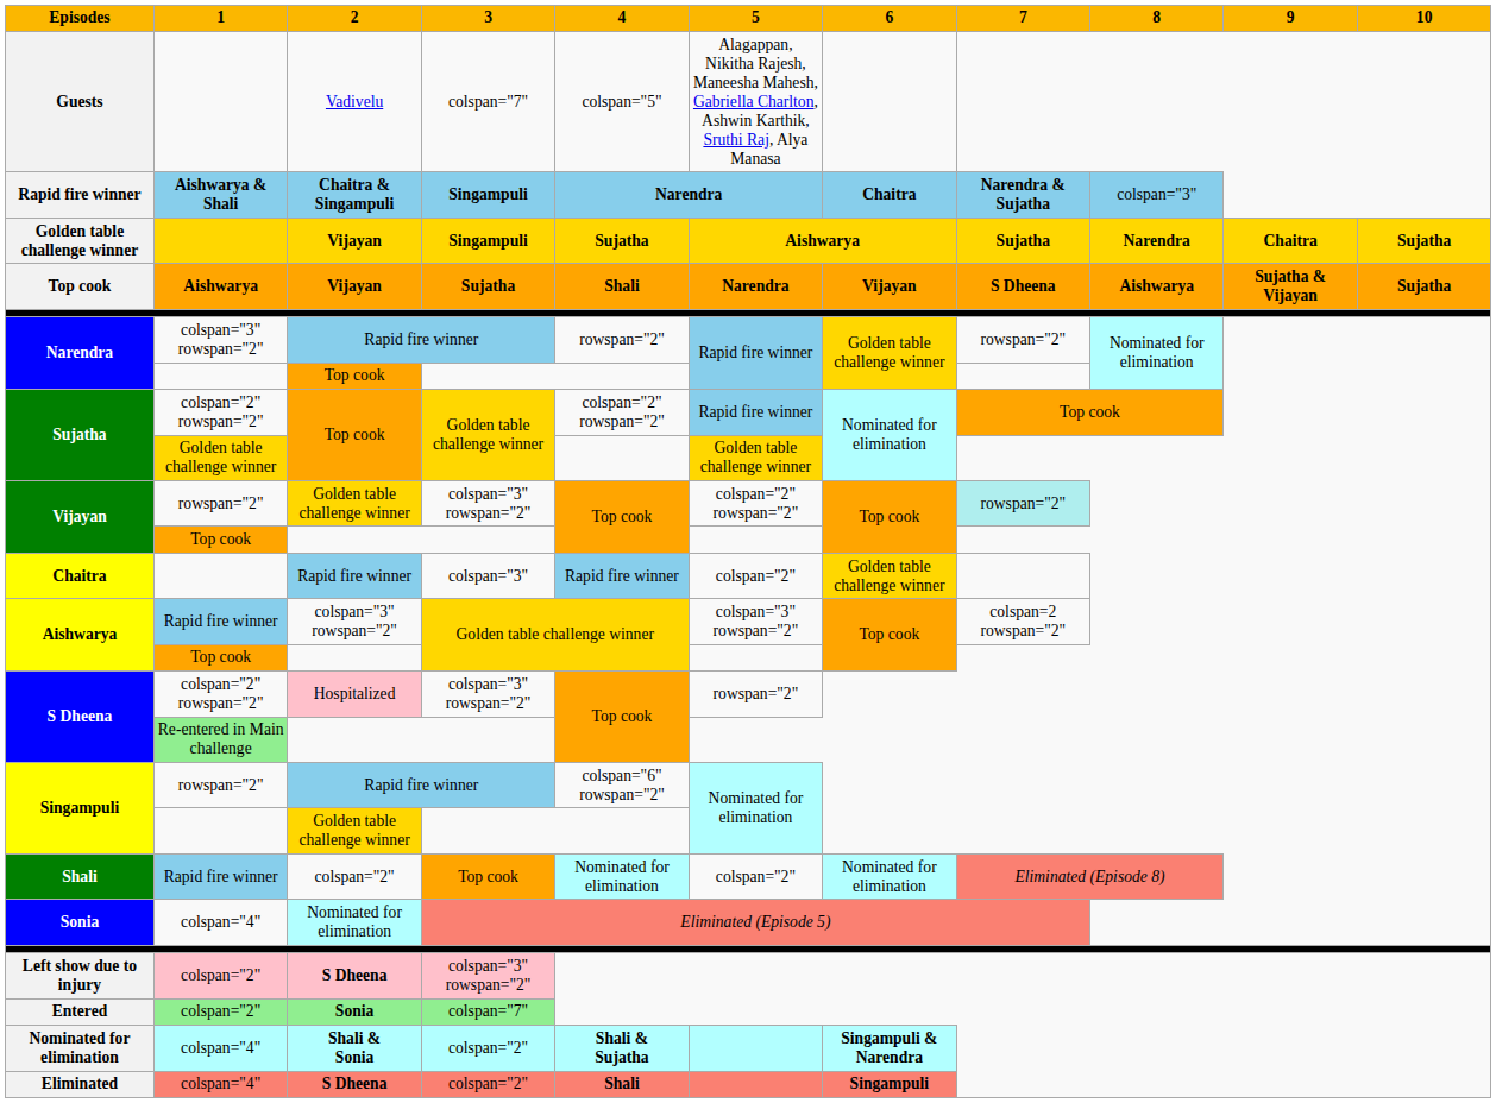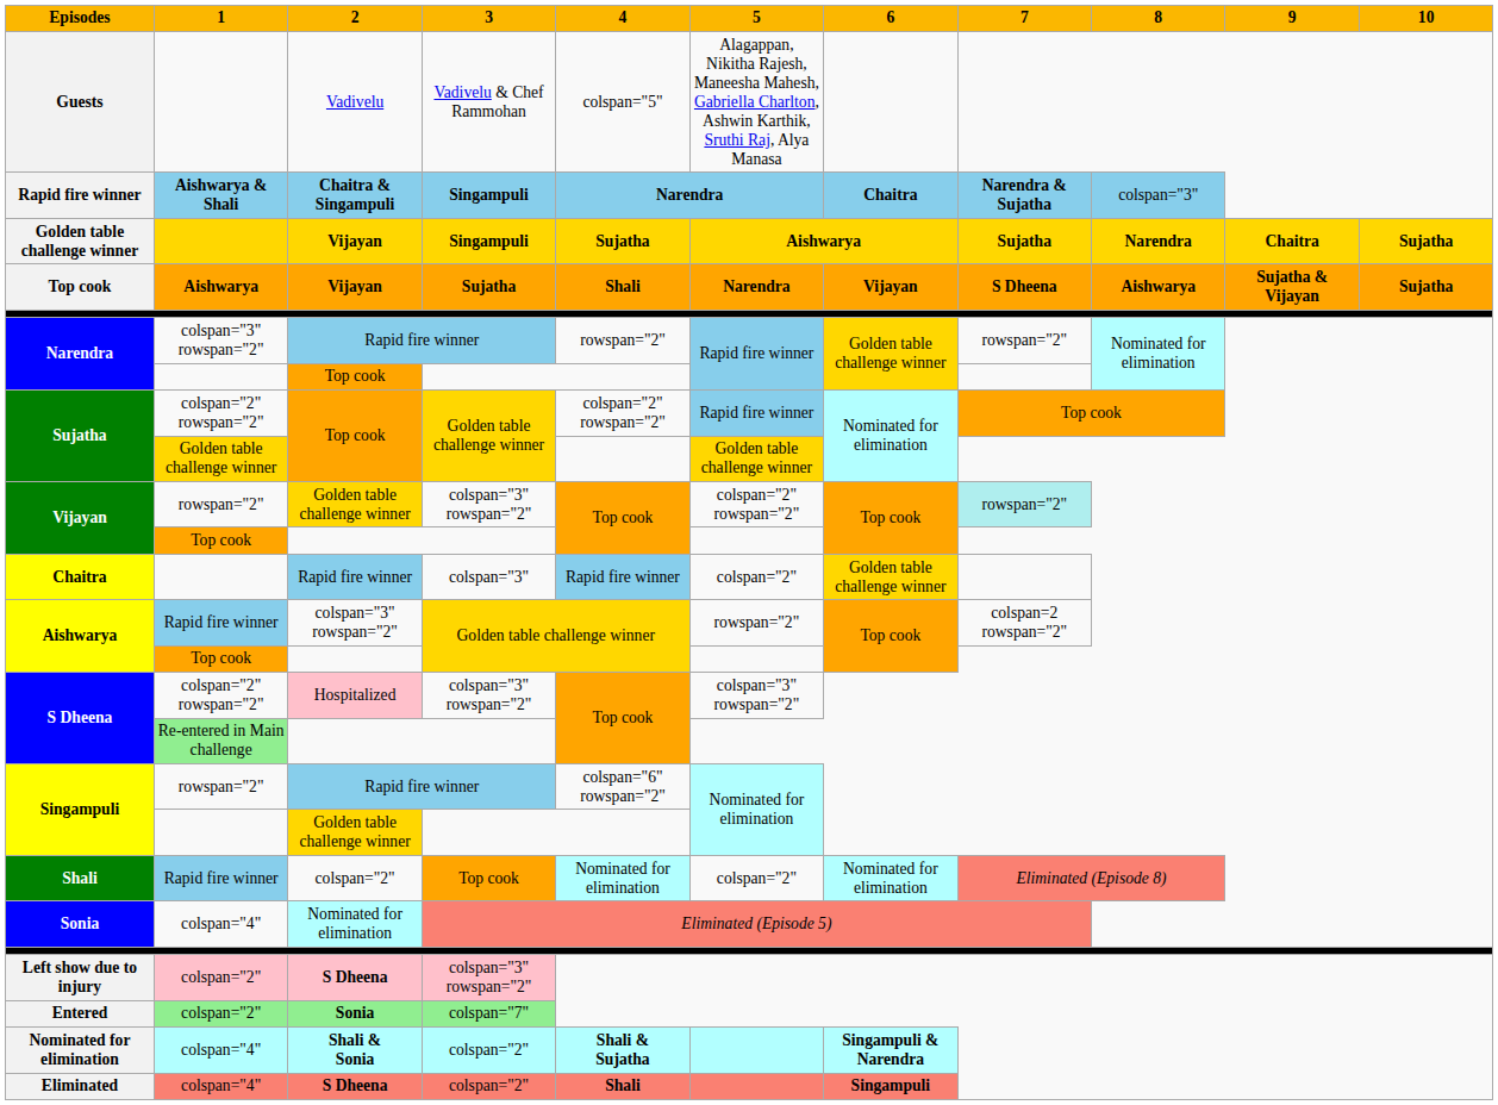 <table class="wikitable" style="text-align:center;font-size:85%;">
 <tr>
 <th scope="col" style="background:#FBB700" width=10%>Episodes</th>
 <th scope="col" style="background:#FBB700" width=9%>1</th>
 <th scope="col" style="background:#FBB700" width=9%>2</th>
 <th scope="col" style="background:#FBB700" width=9%>3</th>
 <th scope="col" style="background:#FBB700" width=9%>4</th>
 <th scope="col" style="background:#FBB700" width=9%>5</th>
 <th scope="col" style="background:#FBB700" width=9%>6</th>
 <th scope="col" style="background:#FBB700" width=9%>7</th>
 <th scope="col" style="background:#FBB700" width=9%>8</th>
 <th scope="col" style="background:#FBB700" width=9%>9</th>
 <th scope="col" style="background:#FBB700" width=9%>10</th>
 </tr>
 <tr>
 <th scope="row">Guests</th>
 <td></td>
 <td><a href='#'>Vadivelu</a></td>
-<td>colspan="7" </td>
+<td><a href='#'>Vadivelu</a> & Chef Rammohan</td>
 <td>colspan="5" </td>
 <td>Alagappan, Nikitha Rajesh, Maneesha Mahesh, <a href='#'>Gabriella Charlton</a>, Ashwin Karthik, <a href='#'>Sruthi Raj</a>, Alya Manasa</td>
 <td></td>
 </tr>
 <tr style="background:skyblue;">
 <th scope="row">Rapid fire winner</th>
 <td><strong>Aishwarya &<br>Shali</strong></td>
 <td><strong>Chaitra &<br>Singampuli</strong></td>
 <td><strong>Singampuli</strong></td>
 <td colspan="2"><strong>Narendra</strong></td>
 <td><strong>Chaitra</strong></td>
 <td><strong>Narendra &<br>Sujatha</strong></td>
 <td>colspan="3" </td>
 </tr>
 <tr style="background:gold;">
 <th scope="row">Golden table challenge winner</th>
 <td></td>
 <td><strong>Vijayan</strong></td>
 <td><strong>Singampuli</strong></td>
 <td><strong>Sujatha</strong></td>
 <td colspan="2"><strong>Aishwarya</strong></td>
 <td><strong>Sujatha</strong></td>
 <td><strong>Narendra</strong></td>
 <td><strong>Chaitra</strong></td>
 <td><strong>Sujatha</strong></td>
 </tr>
 <tr style="background:orange;">
 <th scope="row">Top cook</th>
 <td><strong>Aishwarya</strong></td>
 <td><strong>Vijayan</strong></td>
 <td><strong>Sujatha</strong></td>
 <td><strong>Shali</strong></td>
 <td><strong>Narendra</strong></td>
 <td><strong>Vijayan</strong></td>
 <td><strong>S Dheena</strong></td>
 <td><strong>Aishwarya</strong></td>
 <td><strong>Sujatha &<br>Vijayan</strong></td>
 <td><strong>Sujatha</strong></td>
 </tr>
 <tr>
 <td colspan="11" style="background:black;"></td>
 </tr>
 <tr>
 <th scope="rowgroup" rowspan="2" style="background:blue;color:white;">Narendra</th>
 <td>colspan="3" rowspan="2" </td>
 <td colspan="2" style="background:skyblue;">Rapid fire winner</td>
 <td>rowspan="2" </td>
 <td rowspan="2" style="background:skyblue;">Rapid fire winner</td>
 <td rowspan="2" style="background:gold;">Golden table challenge winner</td>
 <td>rowspan="2" </td>
 <td rowspan="2" style="background:#B2FFFF;">Nominated for elimination</td>
 </tr>
 <tr>
 <td></td>
 <td style="background:orange;">Top cook</td>
 </tr>
 <tr>
 <th rowspan="2" scope="rowgroup" style="background:green;color:white;">Sujatha</th>
 <td>colspan="2" rowspan="2" </td>
 <td rowspan="2" style="background:orange;">Top cook</td>
 <td rowspan="2" style="background:gold;">Golden table challenge winner</td>
 <td>colspan="2" rowspan="2" </td>
 <td style="background:skyblue;">Rapid fire winner</td>
 <td rowspan="2" style="background:#B2FFFF;">Nominated for elimination</td>
 <td colspan="2" style="background:orange;">Top cook</td>
 </tr>
 <tr>
 <td style="background:gold;">Golden table challenge winner</td>
 <td></td>
 <td style="background:gold;">Golden table challenge winner</td>
 </tr>
 <tr>
 <th scope="rowgroup" rowspan="2" style="background:green;color:white;">Vijayan</th>
 <td>rowspan="2" </td>
 <td style="background:gold;">Golden table challenge winner</td>
 <td>colspan="3" rowspan="2" </td>
 <td rowspan="2" style="background:orange;">Top cook</td>
 <td>colspan="2" rowspan="2" </td>
 <td rowspan="2" style="background: orange;">Top cook</td>
 <td style="background: paleturquoise;">rowspan="2" </td>
 </tr>
 <tr>
 <td style="background:orange;">Top cook</td>
 </tr>
 <tr>
 <th scope="rowgroup" style="background:yellow;">Chaitra</th>
 <td></td>
 <td style="background:skyblue;">Rapid fire winner</td>
 <td>colspan="3" </td>
 <td style="background:skyblue;">Rapid fire winner</td>
 <td>colspan="2" </td>
 <td style="background: gold;">Golden table challenge winner</td>
 <td></td>
 </tr>
 <tr>
 <th scope="rowgroup" rowspan="2" style="background:yellow;">Aishwarya</th>
 <td style="background:skyblue;">Rapid fire winner</td>
 <td>colspan="3" rowspan="2" </td>
 <td colspan="2" rowspan="2" style="background:gold;">Golden table challenge winner</td>
-<td>colspan="3" rowspan="2" </td>
+<td>rowspan="2" </td>
 <td rowspan="2" style="background:orange;">Top cook</td>
 <td>colspan=2 rowspan="2" </td>
 </tr>
 <tr>
 <td style="background:orange;">Top cook</td>
 </tr>
 <tr>
 <th rowspan="2" scope="rowgroup" style="background:blue;color:white;">S Dheena</th>
 <td>colspan="2" rowspan="2" </td>
 <td style="background:pink;">Hospitalized</td>
 <td>colspan="3" rowspan="2" </td>
 <td rowspan="2" style="background:orange;">Top cook</td>
-<td>rowspan="2" </td>
+<td>colspan="3" rowspan="2" </td>
 </tr>
 <tr>
 <td style="background:lightgreen;">Re-entered in Main challenge</td>
 </tr>
 <tr>
 <th scope="rowgroup" rowspan="2" style="background:yellow;">Singampuli</th>
 <td>rowspan="2" </td>
 <td colspan="2" style="background:skyblue;">Rapid fire winner</td>
 <td>colspan="6" rowspan="2" </td>
 <td rowspan="2" style="background:#B2FFFF;">Nominated for elimination</td>
 </tr>
 <tr>
 <td></td>
 <td style="background:gold;">Golden table challenge winner</td>
 </tr>
 <tr>
 <th scope="row" style="background:green;color:white;">Shali</th>
 <td style="background:skyblue;">Rapid fire winner</td>
 <td>colspan="2" </td>
 <td style="background:orange;">Top cook</td>
 <td style="background:#B2FFFF;">Nominated for elimination</td>
 <td>colspan="2" </td>
 <td style="background:#B2FFFF;">Nominated for elimination</td>
 <td colspan="2" style="background:#FA8072"><em>Eliminated (Episode 8)</em></td>
 </tr>
 <tr>
 <th scope="row" style="background:blue;color:white;">Sonia</th>
 <td>colspan="4" </td>
 <td style="background:#B2FFFF;">Nominated for elimination</td>
 <td colspan="5" style="background:#FA8072"><em>Eliminated (Episode 5)</em></td>
 </tr>
 <tr>
 <td colspan="11" style="background:black;"></td>
 </tr>
 <tr style="background:pink;">
 <th scope="row">Left show due to injury</th>
 <td>colspan="2" </td>
 <td><strong>S Dheena</strong></td>
 <td>colspan="3" rowspan="2" </td>
 </tr>
 <tr style="background:lightgreen;">
 <th scope="row">Entered</th>
 <td>colspan="2" </td>
 <td><strong>Sonia</strong></td>
 <td>colspan="7" </td>
 </tr>
 <tr style="background:#B2FFFF;">
 <th scope="row">Nominated for elimination</th>
 <td>colspan="4" </td>
 <td><strong>Shali &<br>Sonia</strong></td>
 <td>colspan="2" </td>
 <td><strong>Shali &<br>Sujatha</strong></td>
 <td></td>
 <td><strong>Singampuli &<br>Narendra</strong></td>
 </tr>
 <tr style="background:salmon;">
 <th scope="row">Eliminated</th>
 <td>colspan="4" </td>
 <td><strong>S Dheena</strong></td>
 <td>colspan="2" </td>
 <td><strong>Shali</strong></td>
 <td></td>
 <td><strong>Singampuli</strong></td>
 </tr>
 </table>
